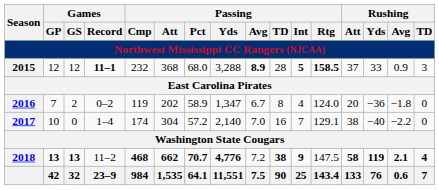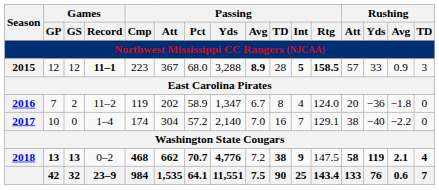 <table class="wikitable" style="text-align:center">
 <tr>
 <th rowspan="2">Season</th>
 <th colspan="3">Games</th>
 <th colspan="8">Passing</th>
 <th colspan="5">Rushing</th>
 </tr>
 <tr>
 <th>GP</th>
 <th>GS</th>
 <th>Record</th>
 <th>Cmp</th>
 <th>Att</th>
 <th>Pct</th>
 <th>Yds</th>
 <th>Avg</th>
 <th>TD</th>
 <th>Int</th>
 <th>Rtg</th>
 <th>Att</th>
 <th>Yds</th>
 <th>Avg</th>
 <th>TD</th>
 </tr>
 <tr>
 <th colspan="16" style="background-color:#012d72;color:#c7102e;box-shadow: inset 2px 2px 0 #c7102e, inset −2px −2px 0 #c7102e;">Northwest Mississippi CC Rangers <small>(NJCAA)</small></th>
 </tr>
 <tr>
 <th>2015</th>
 <td>12</td>
 <td>12</td>
 <td><strong>11–1</strong></td>
-<td>232</td>
-<td>368</td>
+<td>223</td>
+<td>367</td>
 <td>68.0</td>
 <td>3,288</td>
 <td><strong>8.9</strong></td>
 <td>28</td>
 <td><strong>5</strong></td>
 <td><strong>158.5</strong></td>
-<td>37</td>
+<td>57</td>
 <td>33</td>
 <td>0.9</td>
 <td>3</td>
 </tr>
 <tr>
 <th colspan="16">East Carolina Pirates</th>
 </tr>
 <tr>
 <th><a href='#'>2016</a></th>
 <td>7</td>
 <td>2</td>
-<td>0–2</td>
+<td>11–2</td>
 <td>119</td>
 <td>202</td>
 <td>58.9</td>
 <td>1,347</td>
 <td>6.7</td>
 <td>8</td>
 <td>4</td>
 <td>124.0</td>
 <td>20</td>
 <td>−36</td>
 <td>−1.8</td>
 <td>0</td>
 </tr>
 <tr>
 <th><a href='#'>2017</a></th>
 <td>10</td>
 <td>0</td>
 <td>1–4</td>
 <td>174</td>
 <td>304</td>
 <td>57.2</td>
 <td>2,140</td>
 <td>7.0</td>
 <td>16</td>
 <td>7</td>
 <td>129.1</td>
 <td>38</td>
 <td>−40</td>
 <td>−2.2</td>
 <td>0</td>
 </tr>
 <tr>
 <th colspan="16">Washington State Cougars</th>
 </tr>
 <tr>
 <th><a href='#'>2018</a></th>
 <td><strong>13</strong></td>
 <td><strong>13</strong></td>
-<td>11–2</td>
+<td>0–2</td>
 <td><strong>468</strong></td>
 <td><strong>662</strong></td>
 <td><strong>70.7</strong></td>
 <td><strong>4,776</strong></td>
 <td>7.2</td>
 <td><strong>38</strong></td>
 <td><strong>9</strong></td>
 <td>147.5</td>
 <td><strong>58</strong></td>
 <td><strong>119</strong></td>
 <td><strong>2.1</strong></td>
 <td><strong>4</strong></td>
 </tr>
 <tr>
 <th></th>
 <th>42</th>
 <th>32</th>
 <th>23–9</th>
 <th>984</th>
 <th>1,535</th>
 <th>64.1</th>
 <th>11,551</th>
 <th>7.5</th>
 <th>90</th>
 <th>25</th>
 <th>143.4</th>
 <th>133</th>
 <th>76</th>
 <th>0.6</th>
 <th>7</th>
 </tr>
 </table>
